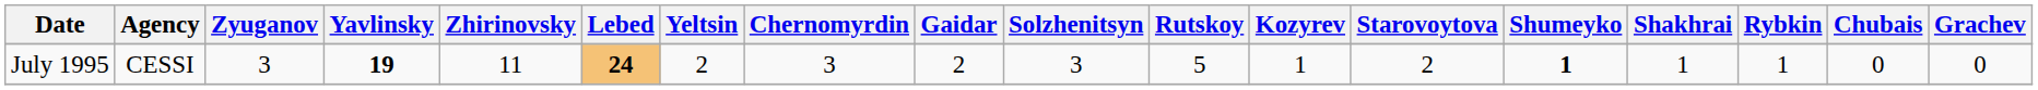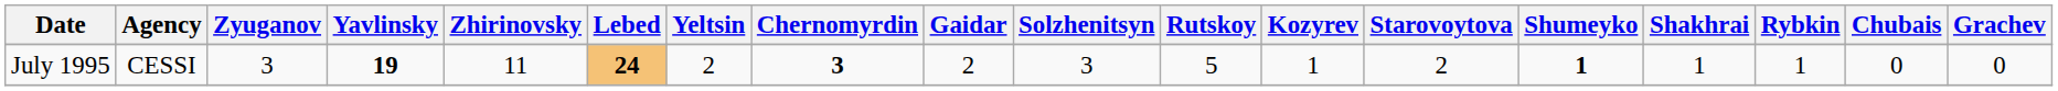 <table class=wikitable style=text-align:center>
 <tr>
 <th>Date</th>
 <th>Agency</th>
 <th><a href='#'>Zyuganov</a></th>
 <th><a href='#'>Yavlinsky</a></th>
 <th><a href='#'>Zhirinovsky</a></th>
 <th><a href='#'>Lebed</a></th>
 <th><a href='#'>Yeltsin</a></th>
 <th><a href='#'>Chernomyrdin</a></th>
 <th><a href='#'>Gaidar</a></th>
 <th><a href='#'>Solzhenitsyn</a></th>
 <th><a href='#'>Rutskoy</a></th>
 <th><a href='#'>Kozyrev</a></th>
 <th><a href='#'>Starovoytova</a></th>
 <th><a href='#'>Shumeyko</a></th>
 <th><a href='#'>Shakhrai</a></th>
 <th><a href='#'>Rybkin</a></th>
 <th><a href='#'>Chubais</a></th>
 <th><a href='#'>Grachev</a></th>
 </tr>
 <tr>
 </tr>
 <tr>
 <td>July 1995</td>
 <td>CESSI</td>
 <td>3</td>
 <td><strong>19</strong></td>
 <td>11</td>
 <td style="background:#f5c276"><strong>24</strong></td>
 <td>2</td>
-<td>3</td>
+<td><strong>3</strong></td>
 <td>2</td>
 <td>3</td>
 <td>5</td>
 <td>1</td>
 <td>2</td>
 <td><strong>1</strong></td>
 <td>1</td>
 <td>1</td>
 <td>0</td>
 <td>0</td>
 </tr>
 <tr>
 </tr>
 </table>
